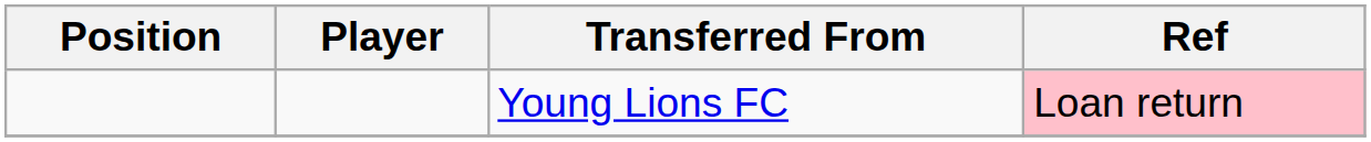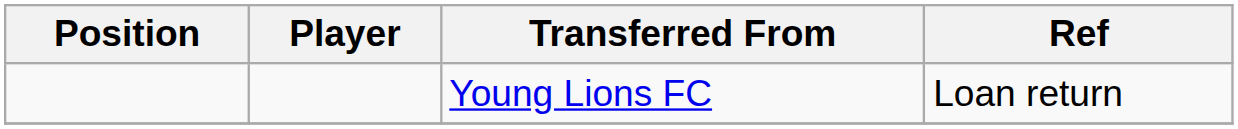 <table class="wikitable sortable" style="width:60%; text-align:center; font-size:100%; text-align:left;">
 <tr>
 <th><strong>Position</strong></th>
 <th><strong>Player</strong></th>
 <th><strong>Transferred From</strong></th>
 <th><strong>Ref</strong></th>
 </tr>
 <tr>
 <td></td>
 <td></td>
 <td>  <a href='#'>Young Lions FC</a></td>
-<td style="background: pink;">Loan return</td>
+<td>Loan return</td>
 </tr>
 <tr>
 </tr>
 </table>
